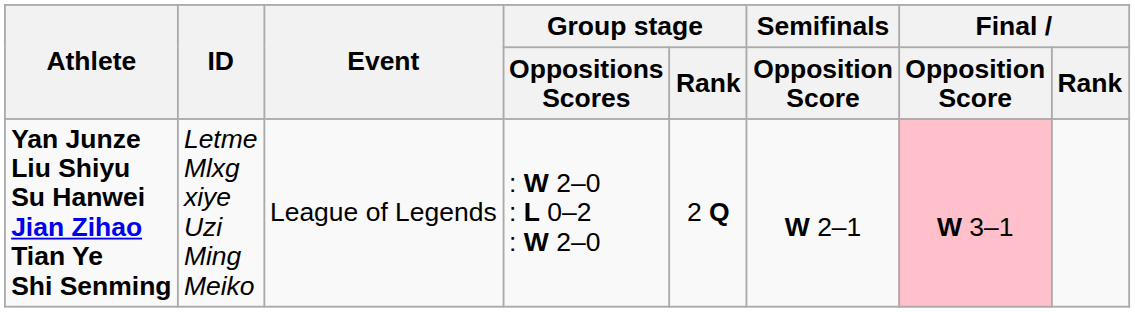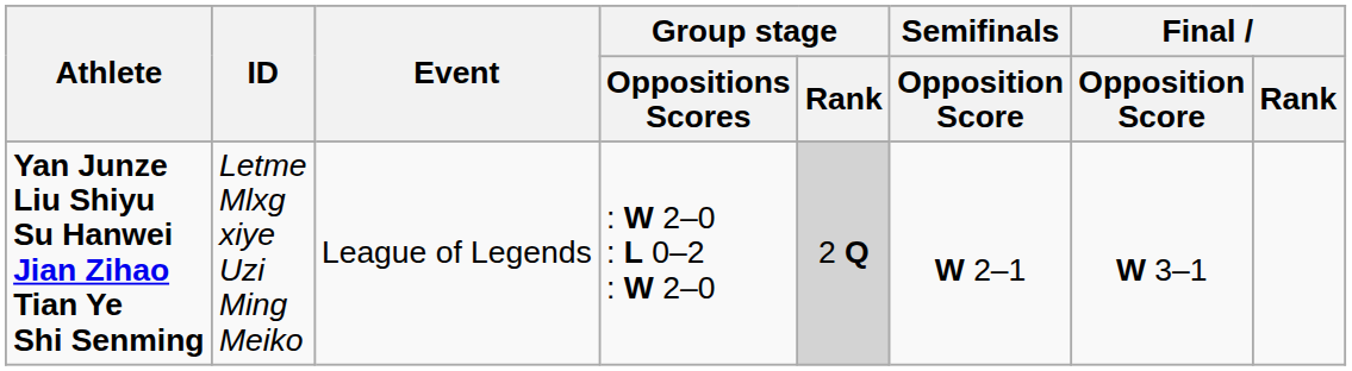 <table class=wikitable style="font-size:90%; text-align:center;">
 <tr>
 <th rowspan=2>Athlete</th>
 <th rowspan=2>ID</th>
 <th rowspan=2>Event</th>
 <th colspan=2>Group stage</th>
 <th>Semifinals</th>
 <th colspan=2>Final / </th>
 </tr>
 <tr>
 <th>Oppositions<br>Scores</th>
 <th>Rank</th>
 <th>Opposition<br>Score</th>
 <th>Opposition<br>Score</th>
 <th>Rank</th>
 </tr>
 <tr>
 <td align=left><strong>Yan Junze<br>Liu Shiyu<br>Su Hanwei<br><a href='#'>Jian Zihao</a><br>Tian Ye<br>Shi Senming</strong></td>
 <td align=left><em>Letme<br>Mlxg<br>xiye<br>Uzi<br>Ming<br>Meiko</em></td>
 <td align=left>League of Legends</td>
 <td align=left>: <strong>W</strong> 2–0<br>: <strong>L</strong> 0–2<br>: <strong>W</strong> 2–0</td>
-<td>2 <strong>Q</strong></td>
+<td style="background: lightgrey;">2 <strong>Q</strong></td>
 <td><br><strong>W</strong> 2–1</td>
-<td style="background: pink;"><br><strong>W</strong> 3–1</td>
+<td><br><strong>W</strong> 3–1</td>
 <td></td>
 </tr>
 </table>
